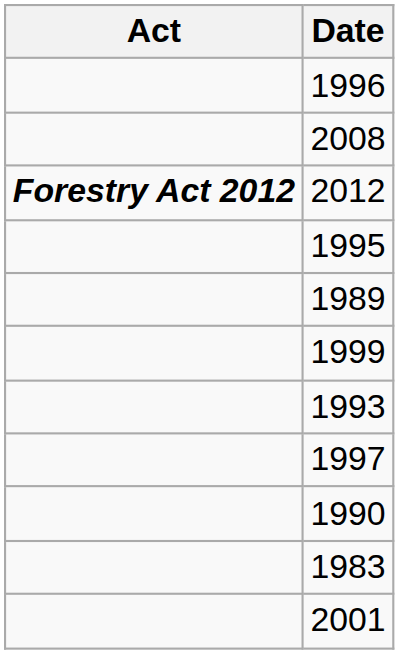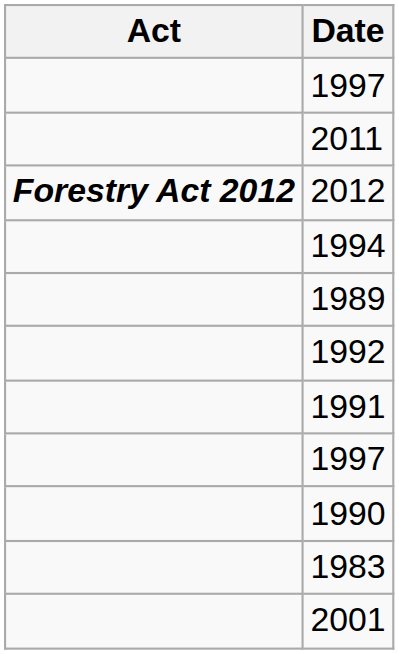 <table class="wikitable sortable">
 <tr>
 <th scope="col">Act</th>
 <th scope="col">Date</th>
 </tr>
 <tr>
 <td><br></td>
-<td>1996</td>
+<td>1997</td>
 </tr>
 <tr>
 <td><br></td>
-<td>2008</td>
+<td>2011</td>
 </tr>
 <tr>
 <td><strong><em>Forestry Act 2012</em><br></strong></td>
 <td>2012</td>
 </tr>
 <tr>
 <td><br></td>
-<td>1995</td>
+<td>1994</td>
 </tr>
 <tr>
 <td><br></td>
 <td>1989</td>
 </tr>
 <tr>
 <td><br></td>
-<td>1999</td>
+<td>1992</td>
 </tr>
 <tr>
 <td><br></td>
-<td>1993</td>
+<td>1991</td>
 </tr>
 <tr>
 <td><br></td>
 <td>1997</td>
 </tr>
 <tr>
 <td><br></td>
 <td>1990</td>
 </tr>
 <tr>
 <td><br></td>
 <td>1983</td>
 </tr>
 <tr>
 <td><br></td>
 <td>2001</td>
 </tr>
 </table>
